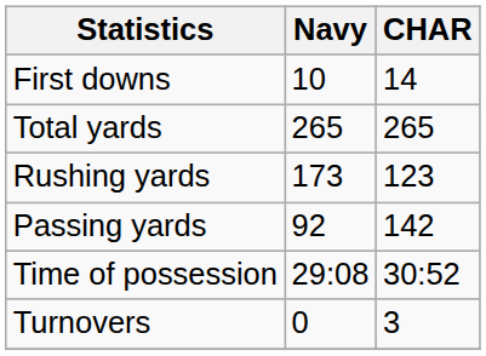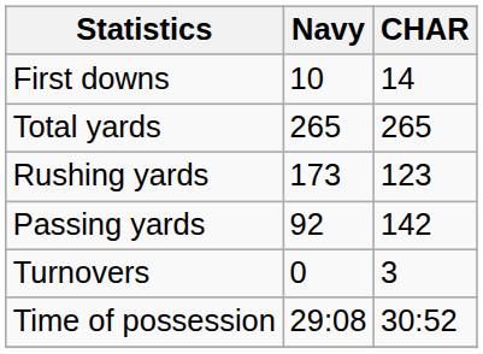 <table class="wikitable" style="float: left;">
 <tr>
 <th>Statistics</th>
 <th>Navy</th>
 <th>CHAR</th>
 </tr>
 <tr>
 <td>First downs</td>
 <td>10</td>
 <td>14</td>
 </tr>
 <tr>
 <td>Total yards</td>
 <td>265</td>
 <td>265</td>
 </tr>
 <tr>
 <td>Rushing yards</td>
 <td>173</td>
 <td>123</td>
 </tr>
 <tr>
 <td>Passing yards</td>
 <td>92</td>
 <td>142</td>
 </tr>
 <tr>
+<td>Turnovers</td>
+<td>0</td>
+<td>3</td>
+</tr>
+<tr>
 <td>Time of possession</td>
 <td>29:08</td>
 <td>30:52</td>
 </tr>
 <tr>
-<td>Turnovers</td>
-<td>0</td>
-<td>3</td>
-</tr>
-<tr>
 </tr>
 </table>
